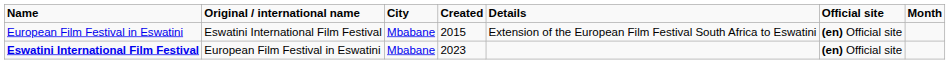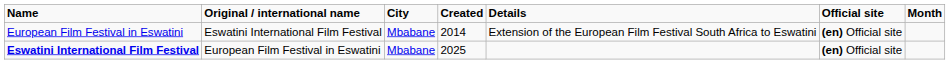 <table class="wikitable">
 <tr>
 <td><strong>Name</strong></td>
 <td><strong>Original / international name</strong></td>
 <td><strong>City</strong></td>
 <td><strong>Created</strong></td>
 <td><strong>Details</strong></td>
 <td><strong>Official site</strong></td>
 <td><strong>Month</strong></td>
 </tr>
 <tr>
 <td><a href='#'>European Film Festival in Eswatini</a></td>
 <td>Eswatini International Film Festival</td>
 <td><a href='#'>Mbabane</a></td>
-<td>2015</td>
+<td>2014</td>
 <td>Extension of the European Film Festival South Africa to Eswatini</td>
 <td><strong>(en)</strong> Official site</td>
 <td></td>
 </tr>
 <tr>
 <td><strong><a href='#'>Eswatini International Film Festival</a></strong></td>
 <td>European Film Festival in Eswatini</td>
 <td><a href='#'>Mbabane</a></td>
-<td>2023</td>
+<td>2025</td>
 <td></td>
 <td><strong>(en)</strong> Official site</td>
 <td></td>
 </tr>
 </table>
